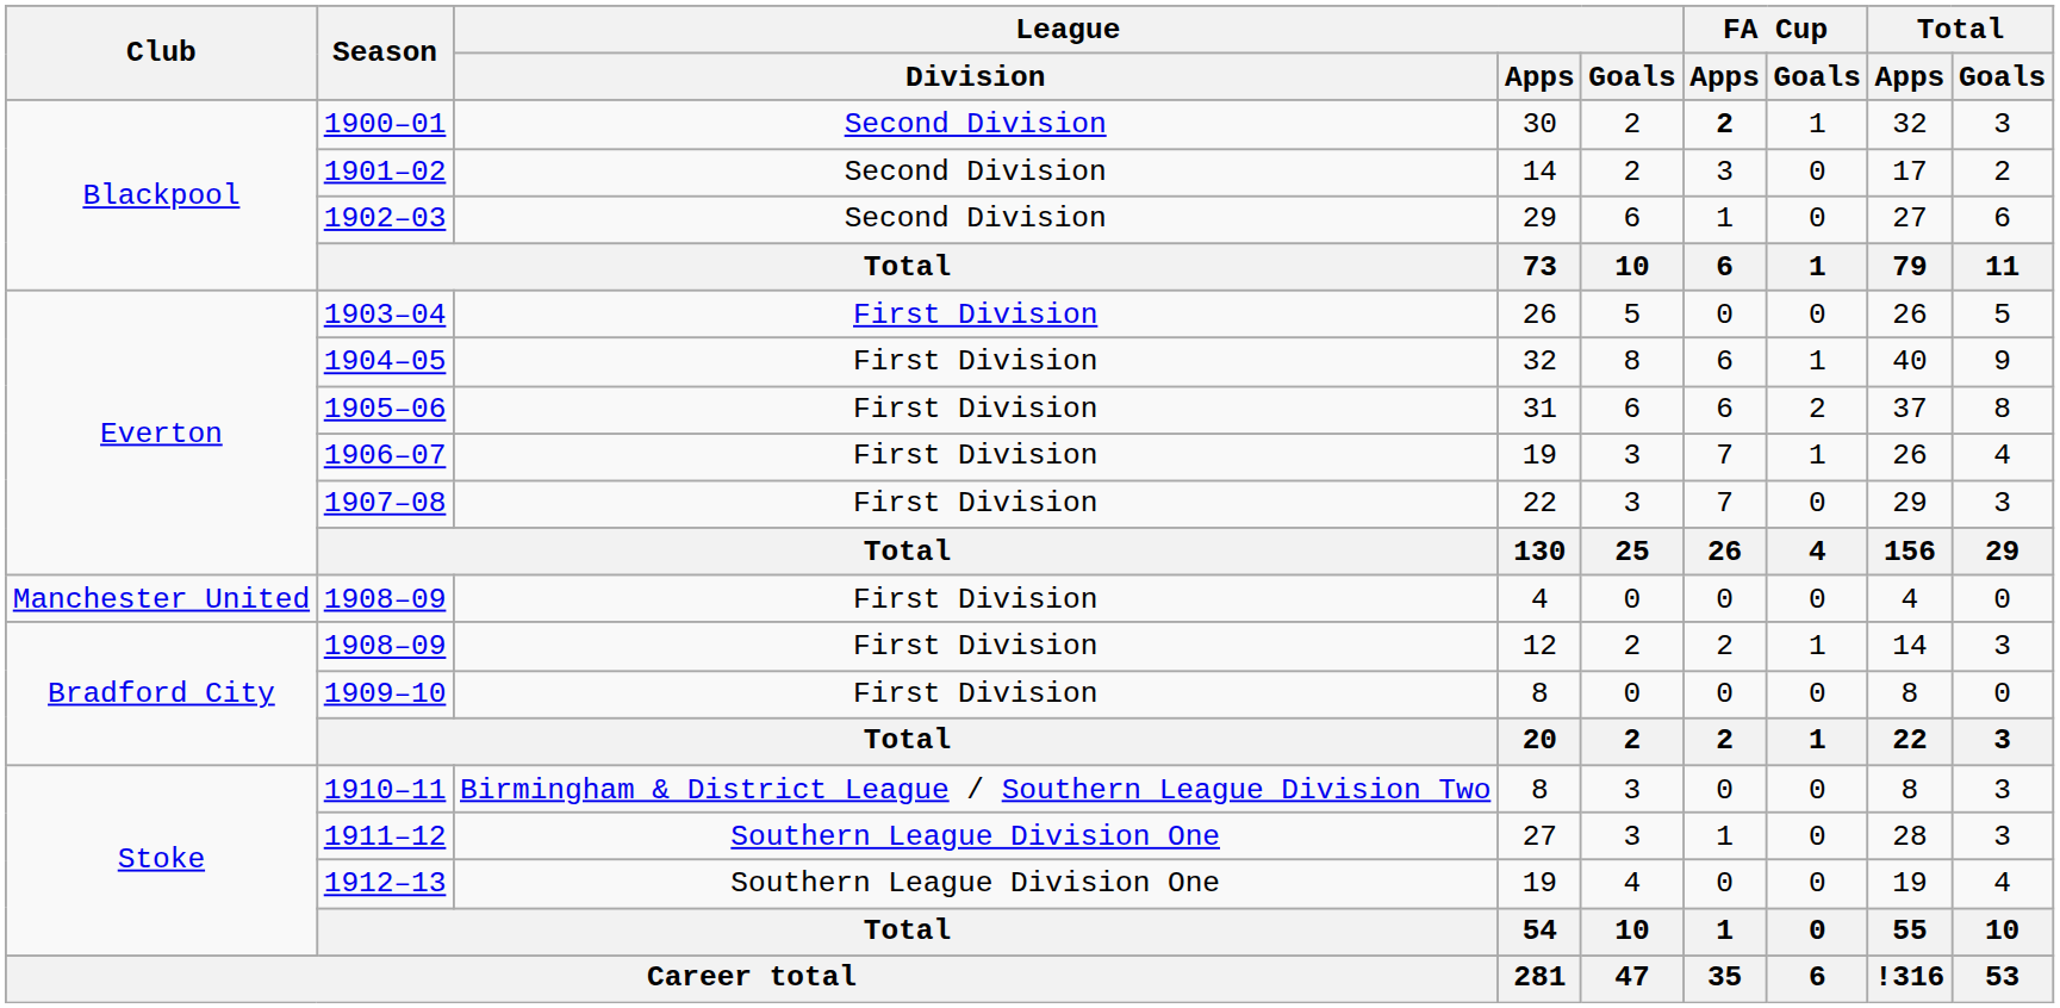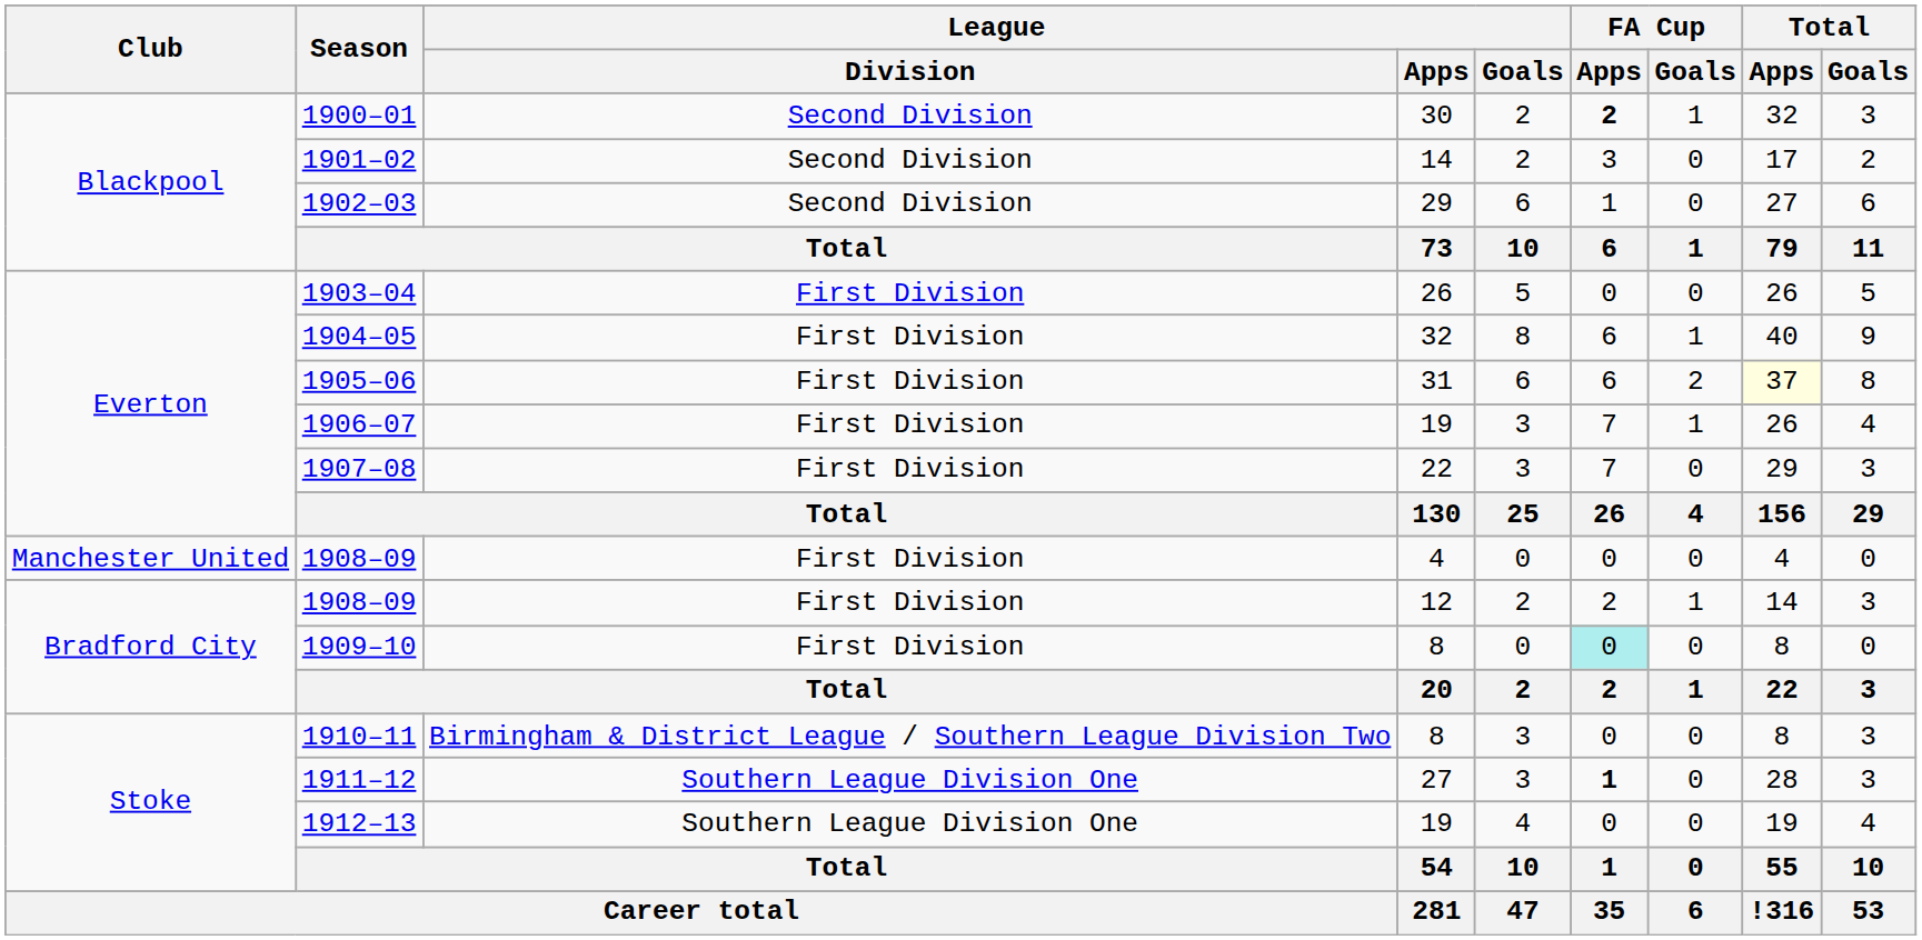 <table class="wikitable" style="text-align: center;">
 <tr>
 <th rowspan=2>Club</th>
 <th rowspan=2>Season</th>
 <th colspan=3>League</th>
 <th colspan=2>FA Cup</th>
 <th colspan=2>Total</th>
 </tr>
 <tr>
 <th>Division</th>
 <th>Apps</th>
 <th>Goals</th>
 <th>Apps</th>
 <th>Goals</th>
 <th>Apps</th>
 <th>Goals</th>
 </tr>
 <tr>
 <td rowspan=4><a href='#'>Blackpool</a></td>
 <td><a href='#'>1900–01</a></td>
 <td><a href='#'>Second Division</a></td>
 <td>30</td>
 <td>2</td>
 <td><strong>2</strong></td>
 <td>1</td>
 <td>32</td>
 <td>3</td>
 </tr>
 <tr>
 <td><a href='#'>1901–02</a></td>
 <td>Second Division</td>
 <td>14</td>
 <td>2</td>
 <td>3</td>
 <td>0</td>
 <td>17</td>
 <td>2</td>
 </tr>
 <tr>
 <td><a href='#'>1902–03</a></td>
 <td>Second Division</td>
 <td>29</td>
 <td>6</td>
 <td>1</td>
 <td>0</td>
 <td>27</td>
 <td>6</td>
 </tr>
 <tr>
 <th colspan=2>Total</th>
 <th>73</th>
 <th>10</th>
 <th>6</th>
 <th>1</th>
 <th>79</th>
 <th>11</th>
 </tr>
 <tr>
 <td rowspan=6><a href='#'>Everton</a></td>
 <td><a href='#'>1903–04</a></td>
 <td><a href='#'>First Division</a></td>
 <td>26</td>
 <td>5</td>
 <td>0</td>
 <td>0</td>
 <td>26</td>
 <td>5</td>
 </tr>
 <tr>
 <td><a href='#'>1904–05</a></td>
 <td>First Division</td>
 <td>32</td>
 <td>8</td>
 <td>6</td>
 <td>1</td>
 <td>40</td>
 <td>9</td>
 </tr>
 <tr>
 <td><a href='#'>1905–06</a></td>
 <td>First Division</td>
 <td>31</td>
 <td>6</td>
 <td>6</td>
 <td>2</td>
-<td>37</td>
+<td style="background: lightyellow;">37</td>
 <td>8</td>
 </tr>
 <tr>
 <td><a href='#'>1906–07</a></td>
 <td>First Division</td>
 <td>19</td>
 <td>3</td>
 <td>7</td>
 <td>1</td>
 <td>26</td>
 <td>4</td>
 </tr>
 <tr>
 <td><a href='#'>1907–08</a></td>
 <td>First Division</td>
 <td>22</td>
 <td>3</td>
 <td>7</td>
 <td>0</td>
 <td>29</td>
 <td>3</td>
 </tr>
 <tr>
 <th colspan=2>Total</th>
 <th>130</th>
 <th>25</th>
 <th>26</th>
 <th>4</th>
 <th>156</th>
 <th>29</th>
 </tr>
 <tr>
 <td><a href='#'>Manchester United</a></td>
 <td><a href='#'>1908–09</a></td>
 <td>First Division</td>
 <td>4</td>
 <td>0</td>
 <td>0</td>
 <td>0</td>
 <td>4</td>
 <td>0</td>
 </tr>
 <tr>
 <td rowspan=3><a href='#'>Bradford City</a></td>
 <td><a href='#'>1908–09</a></td>
 <td>First Division</td>
 <td>12</td>
 <td>2</td>
 <td>2</td>
 <td>1</td>
 <td>14</td>
 <td>3</td>
 </tr>
 <tr>
 <td><a href='#'>1909–10</a></td>
 <td>First Division</td>
 <td>8</td>
 <td>0</td>
-<td>0</td>
+<td style="background: paleturquoise;">0</td>
 <td>0</td>
 <td>8</td>
 <td>0</td>
 </tr>
 <tr>
 <th colspan=2>Total</th>
 <th>20</th>
 <th>2</th>
 <th>2</th>
 <th>1</th>
 <th>22</th>
 <th>3</th>
 </tr>
 <tr>
 <td rowspan=4><a href='#'>Stoke</a></td>
 <td><a href='#'>1910–11</a></td>
 <td><a href='#'>Birmingham & District League</a> / <a href='#'>Southern League Division Two</a></td>
 <td>8</td>
 <td>3</td>
 <td>0</td>
 <td>0</td>
 <td>8</td>
 <td>3</td>
 </tr>
 <tr>
 <td><a href='#'>1911–12</a></td>
 <td><a href='#'>Southern League Division One</a></td>
 <td>27</td>
 <td>3</td>
-<td>1</td>
+<td><strong>1</strong></td>
 <td>0</td>
 <td>28</td>
 <td>3</td>
 </tr>
 <tr>
 <td><a href='#'>1912–13</a></td>
 <td>Southern League Division One</td>
 <td>19</td>
 <td>4</td>
 <td>0</td>
 <td>0</td>
 <td>19</td>
 <td>4</td>
 </tr>
 <tr>
 <th colspan=2>Total</th>
 <th>54</th>
 <th>10</th>
 <th>1</th>
 <th>0</th>
 <th>55</th>
 <th>10</th>
 </tr>
 <tr>
 <th colspan=3>Career total</th>
 <th>281</th>
 <th>47</th>
 <th>35</th>
 <th>6</th>
 <th>!316</th>
 <th>53</th>
 </tr>
 </table>
